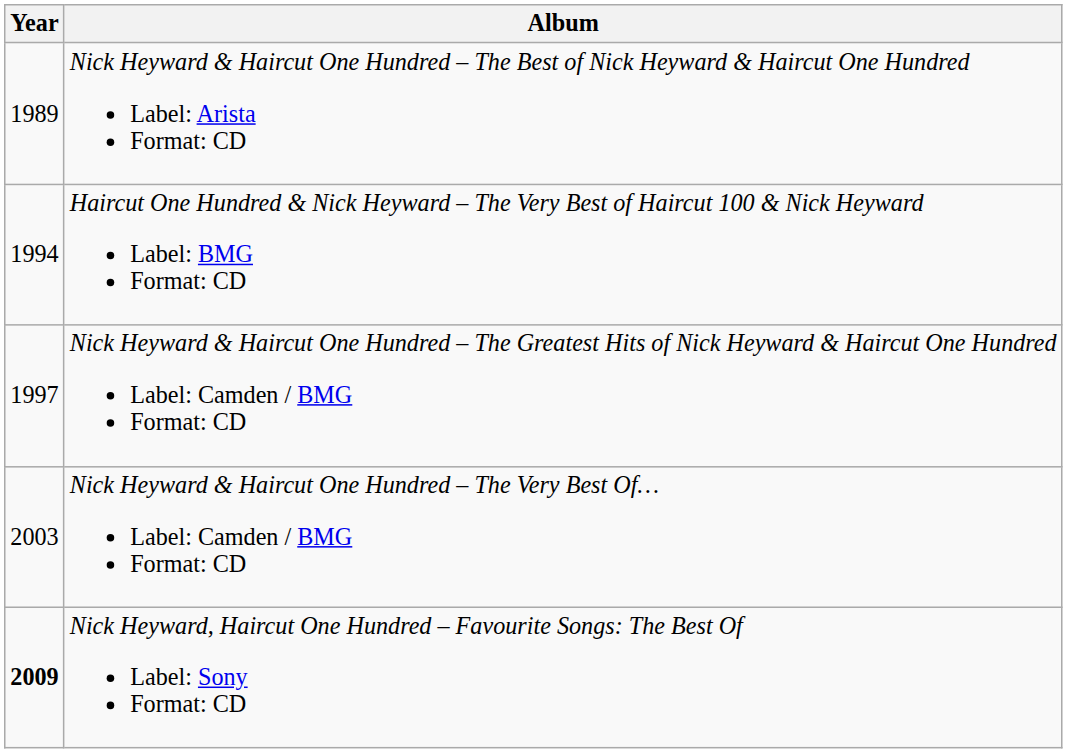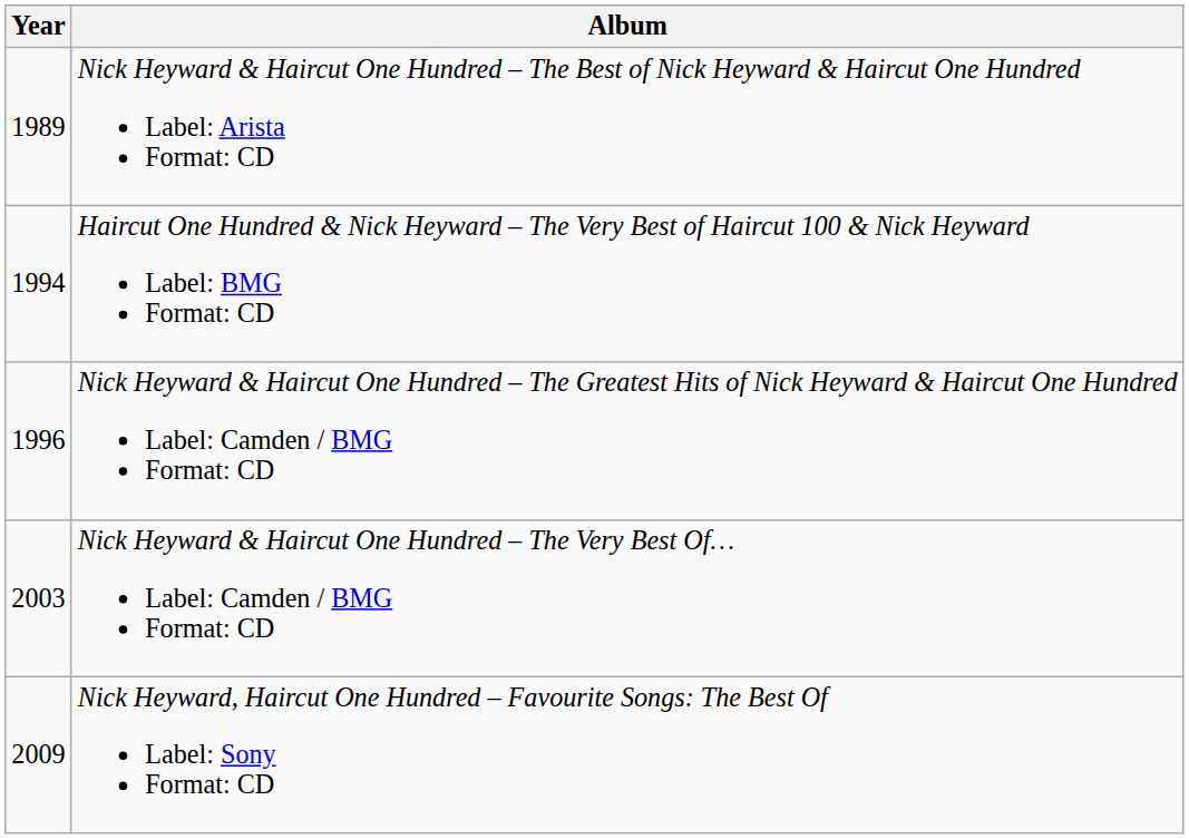 <table class="wikitable">
 <tr>
 <th>Year</th>
 <th>Album</th>
 </tr>
 <tr>
 <td>1989</td>
 <td><em>Nick Heyward & Haircut One Hundred – The Best of Nick Heyward & Haircut One Hundred</em><br><ul><li>Label: <a href='#'>Arista</a></li><li>Format: CD</li></ul></td>
 </tr>
 <tr>
 <td>1994</td>
 <td><em>Haircut One Hundred & Nick Heyward – The Very Best of Haircut 100 & Nick Heyward</em><br><ul><li>Label: <a href='#'>BMG</a></li><li>Format: CD</li></ul></td>
 </tr>
 <tr>
-<td>1997</td>
+<td>1996</td>
 <td><em>Nick Heyward & Haircut One Hundred – The Greatest Hits of Nick Heyward & Haircut One Hundred</em><br><ul><li>Label: Camden / <a href='#'>BMG</a></li><li>Format: CD</li></ul></td>
 </tr>
 <tr>
 <td>2003</td>
 <td><em>Nick Heyward & Haircut One Hundred – The Very Best Of…</em><br><ul><li>Label: Camden / <a href='#'>BMG</a></li><li>Format: CD</li></ul></td>
 </tr>
 <tr>
-<td><strong>2009</strong></td>
+<td>2009</td>
 <td><em>Nick Heyward, Haircut One Hundred – Favourite Songs: The Best Of</em><br><ul><li>Label: <a href='#'>Sony</a></li><li>Format: CD</li></ul></td>
 </tr>
 </table>
